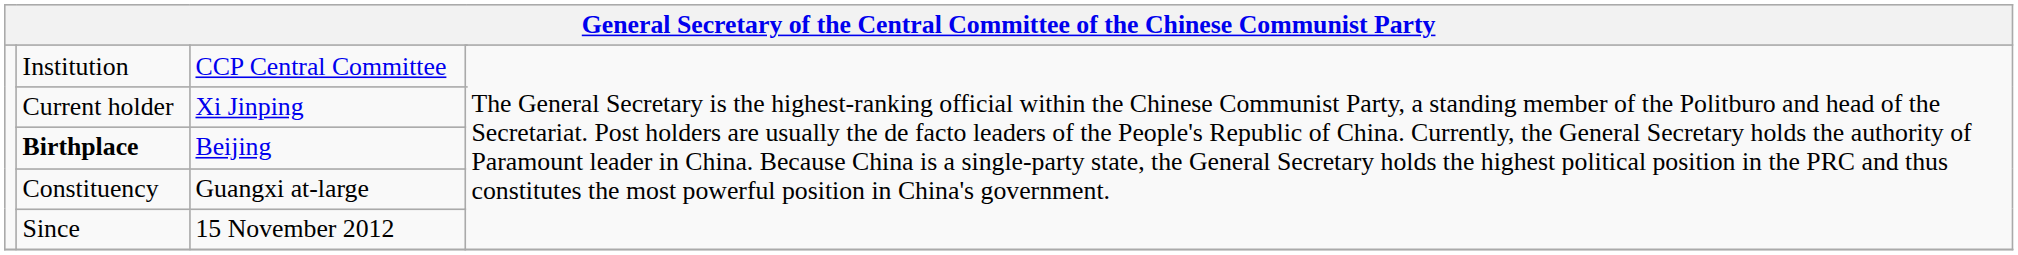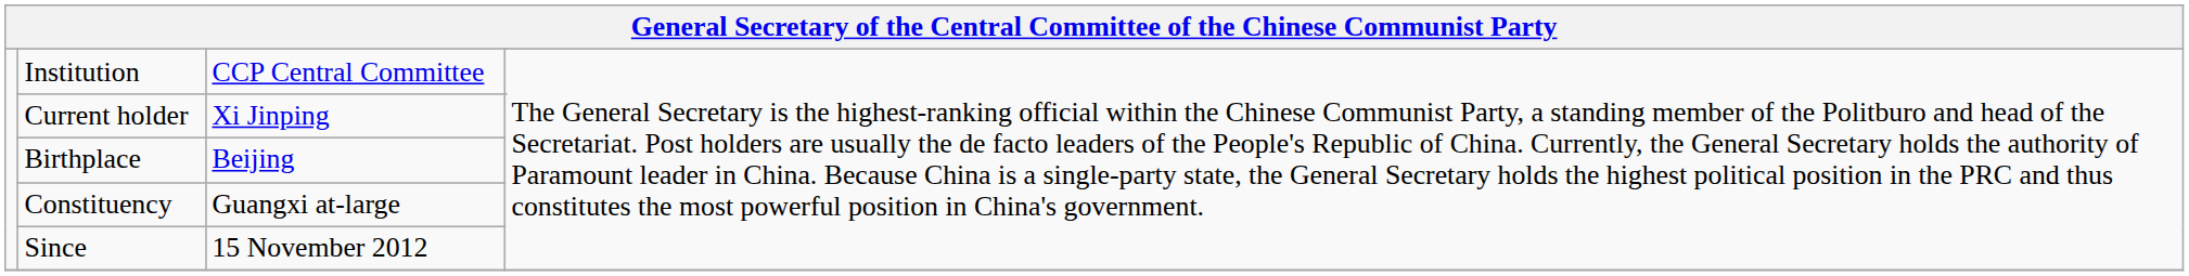 <table class="wikitable">
 <tr>
 <th colspan=5><a href='#'>General Secretary of the Central Committee of the Chinese Communist Party</a></th>
 </tr>
 <tr>
 <td rowspan=5></td>
 <td width=100px>Institution</td>
 <td colspan=2><a href='#'>CCP Central Committee</a></td>
 <td rowspan=5>The General Secretary is the highest-ranking official within the Chinese Communist Party, a standing member of the Politburo and head of the Secretariat. Post holders are usually the de facto leaders of the People's Republic of China. Currently, the General Secretary holds the authority of Paramount leader in China. Because China is a single-party state, the General Secretary holds the highest political position in the PRC and thus constitutes the most powerful position in China's government.</td>
 </tr>
 <tr>
 <td>Current holder</td>
 <td colspan=2 width=400px><a href='#'>Xi Jinping</a></td>
 </tr>
 <tr>
-<td><strong>Birthplace</strong></td>
+<td>Birthplace</td>
 <td colspan=2><a href='#'>Beijing</a></td>
 </tr>
 <tr>
 <td>Constituency</td>
 <td colspan=2>Guangxi at-large</td>
 </tr>
 <tr>
 <td>Since</td>
 <td colspan=2>15 November 2012</td>
 </tr>
 <tr>
 </tr>
 </table>
